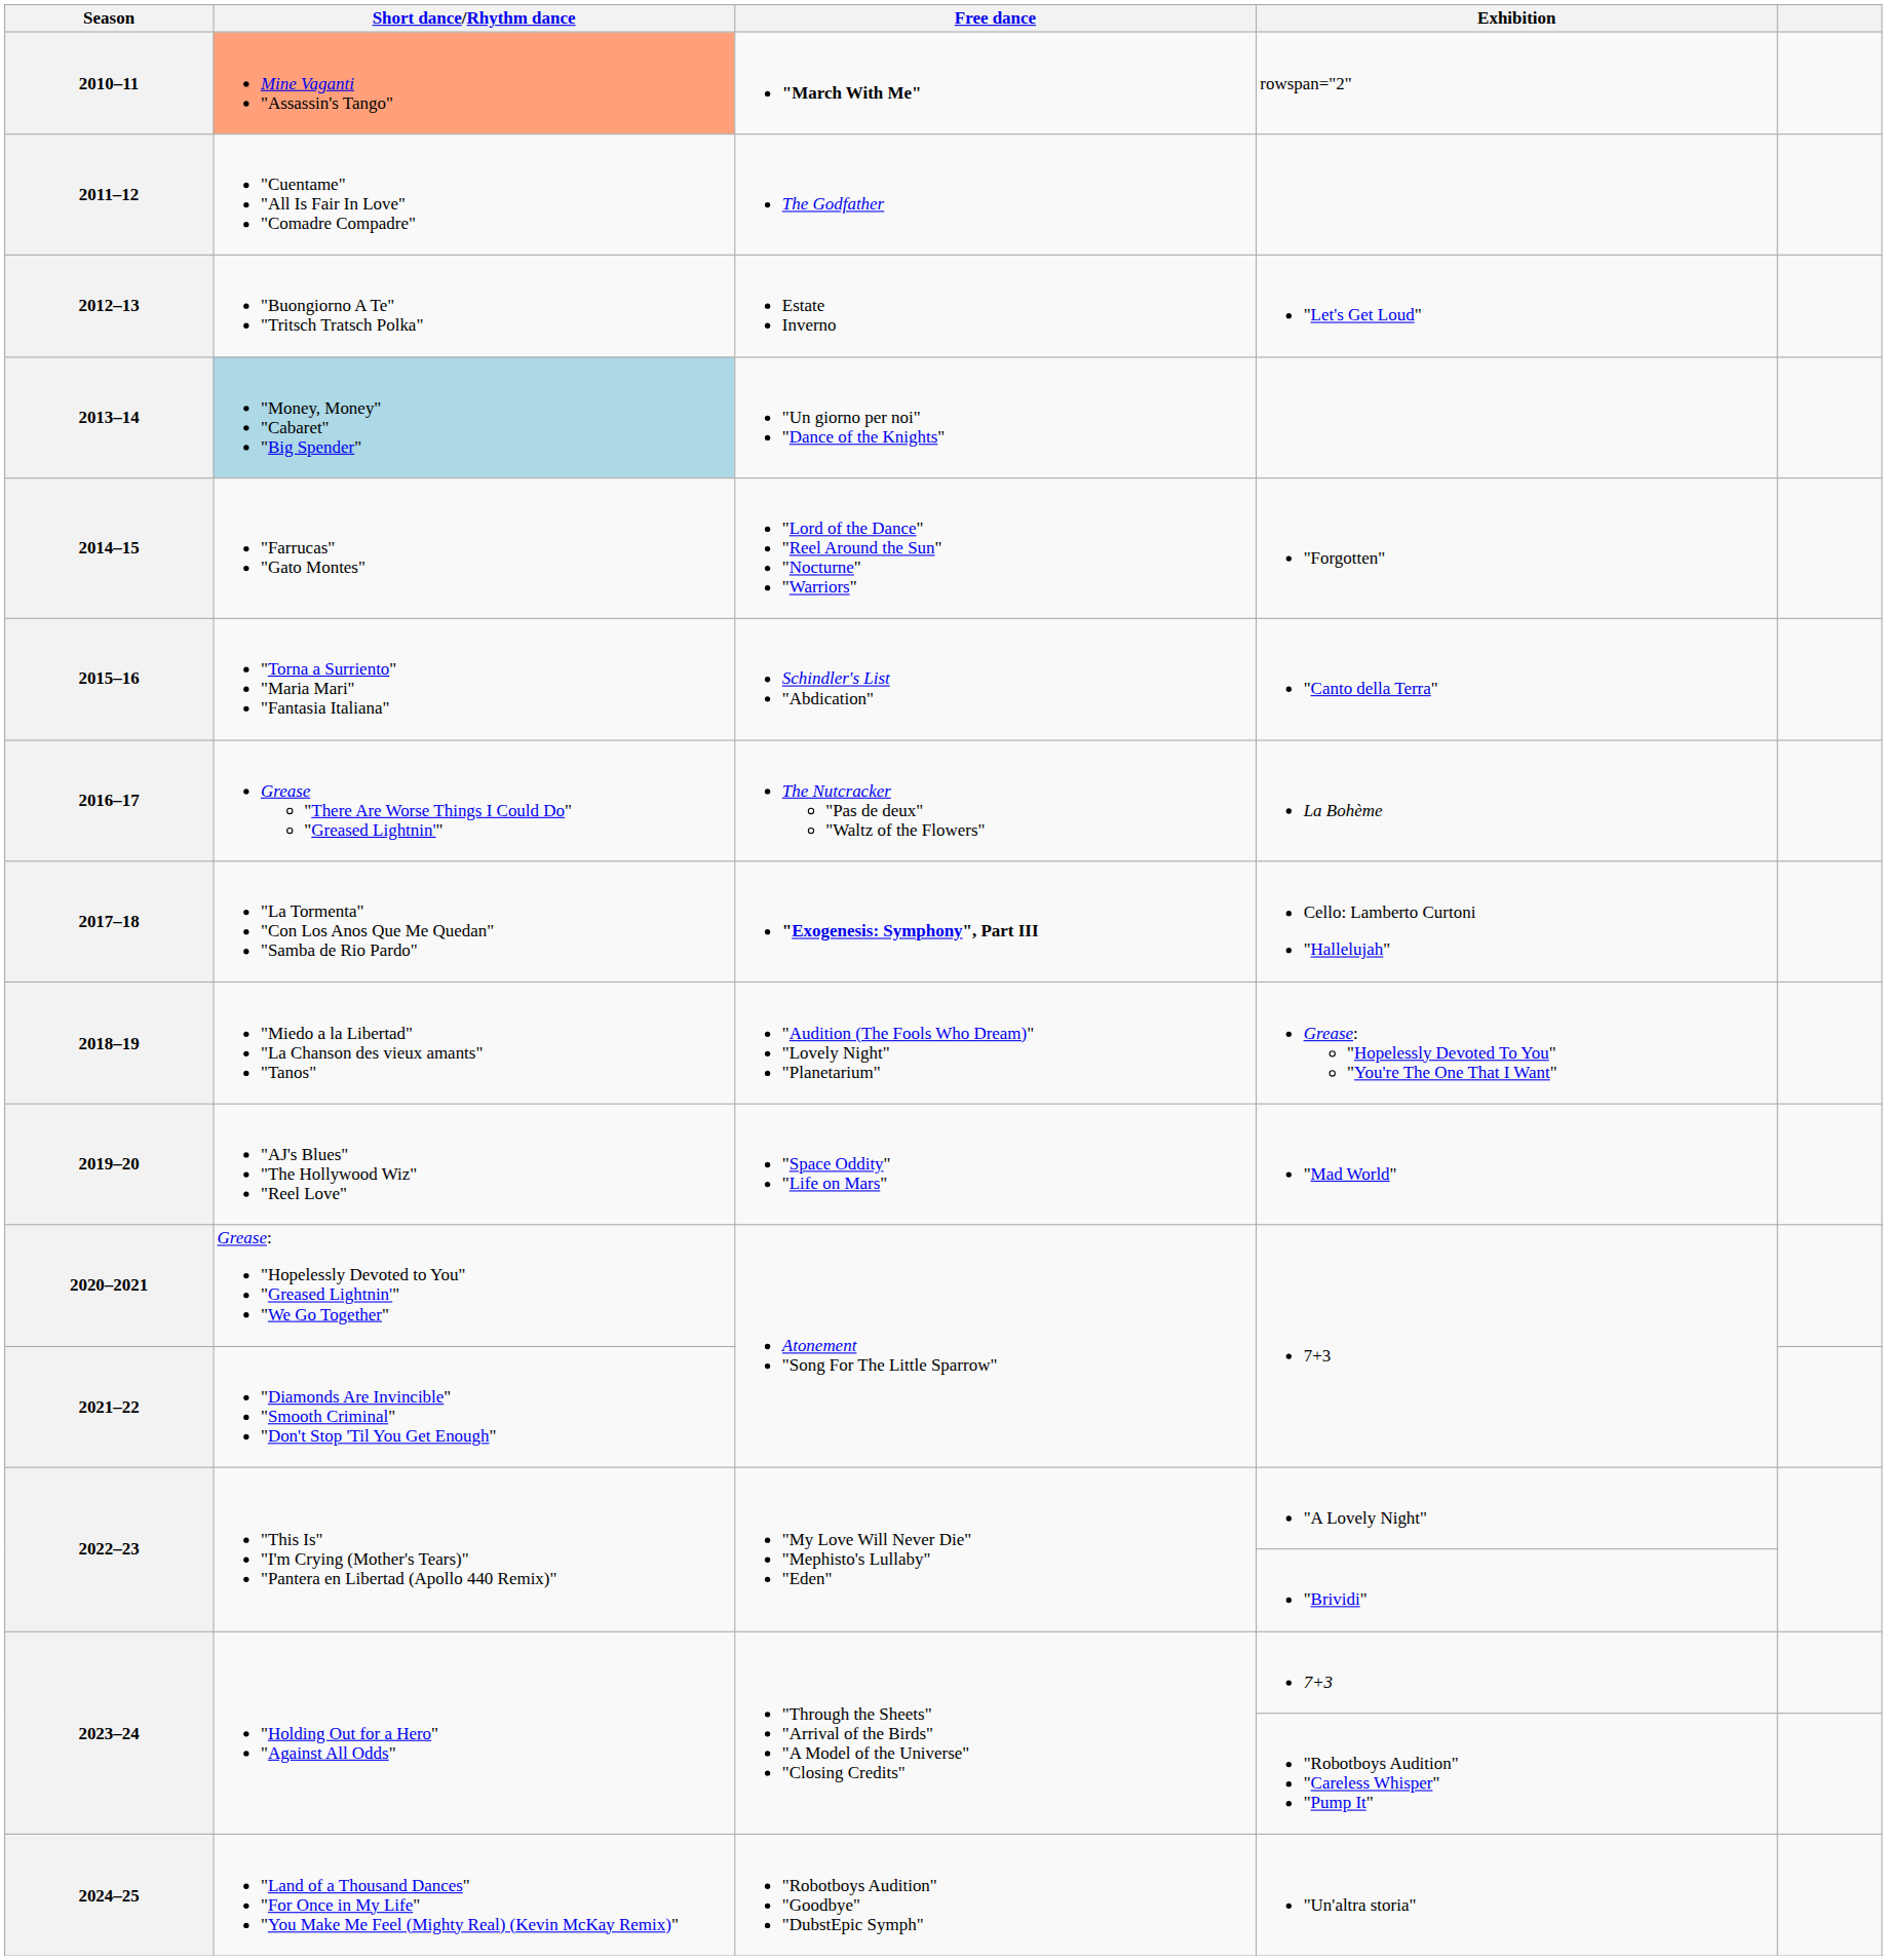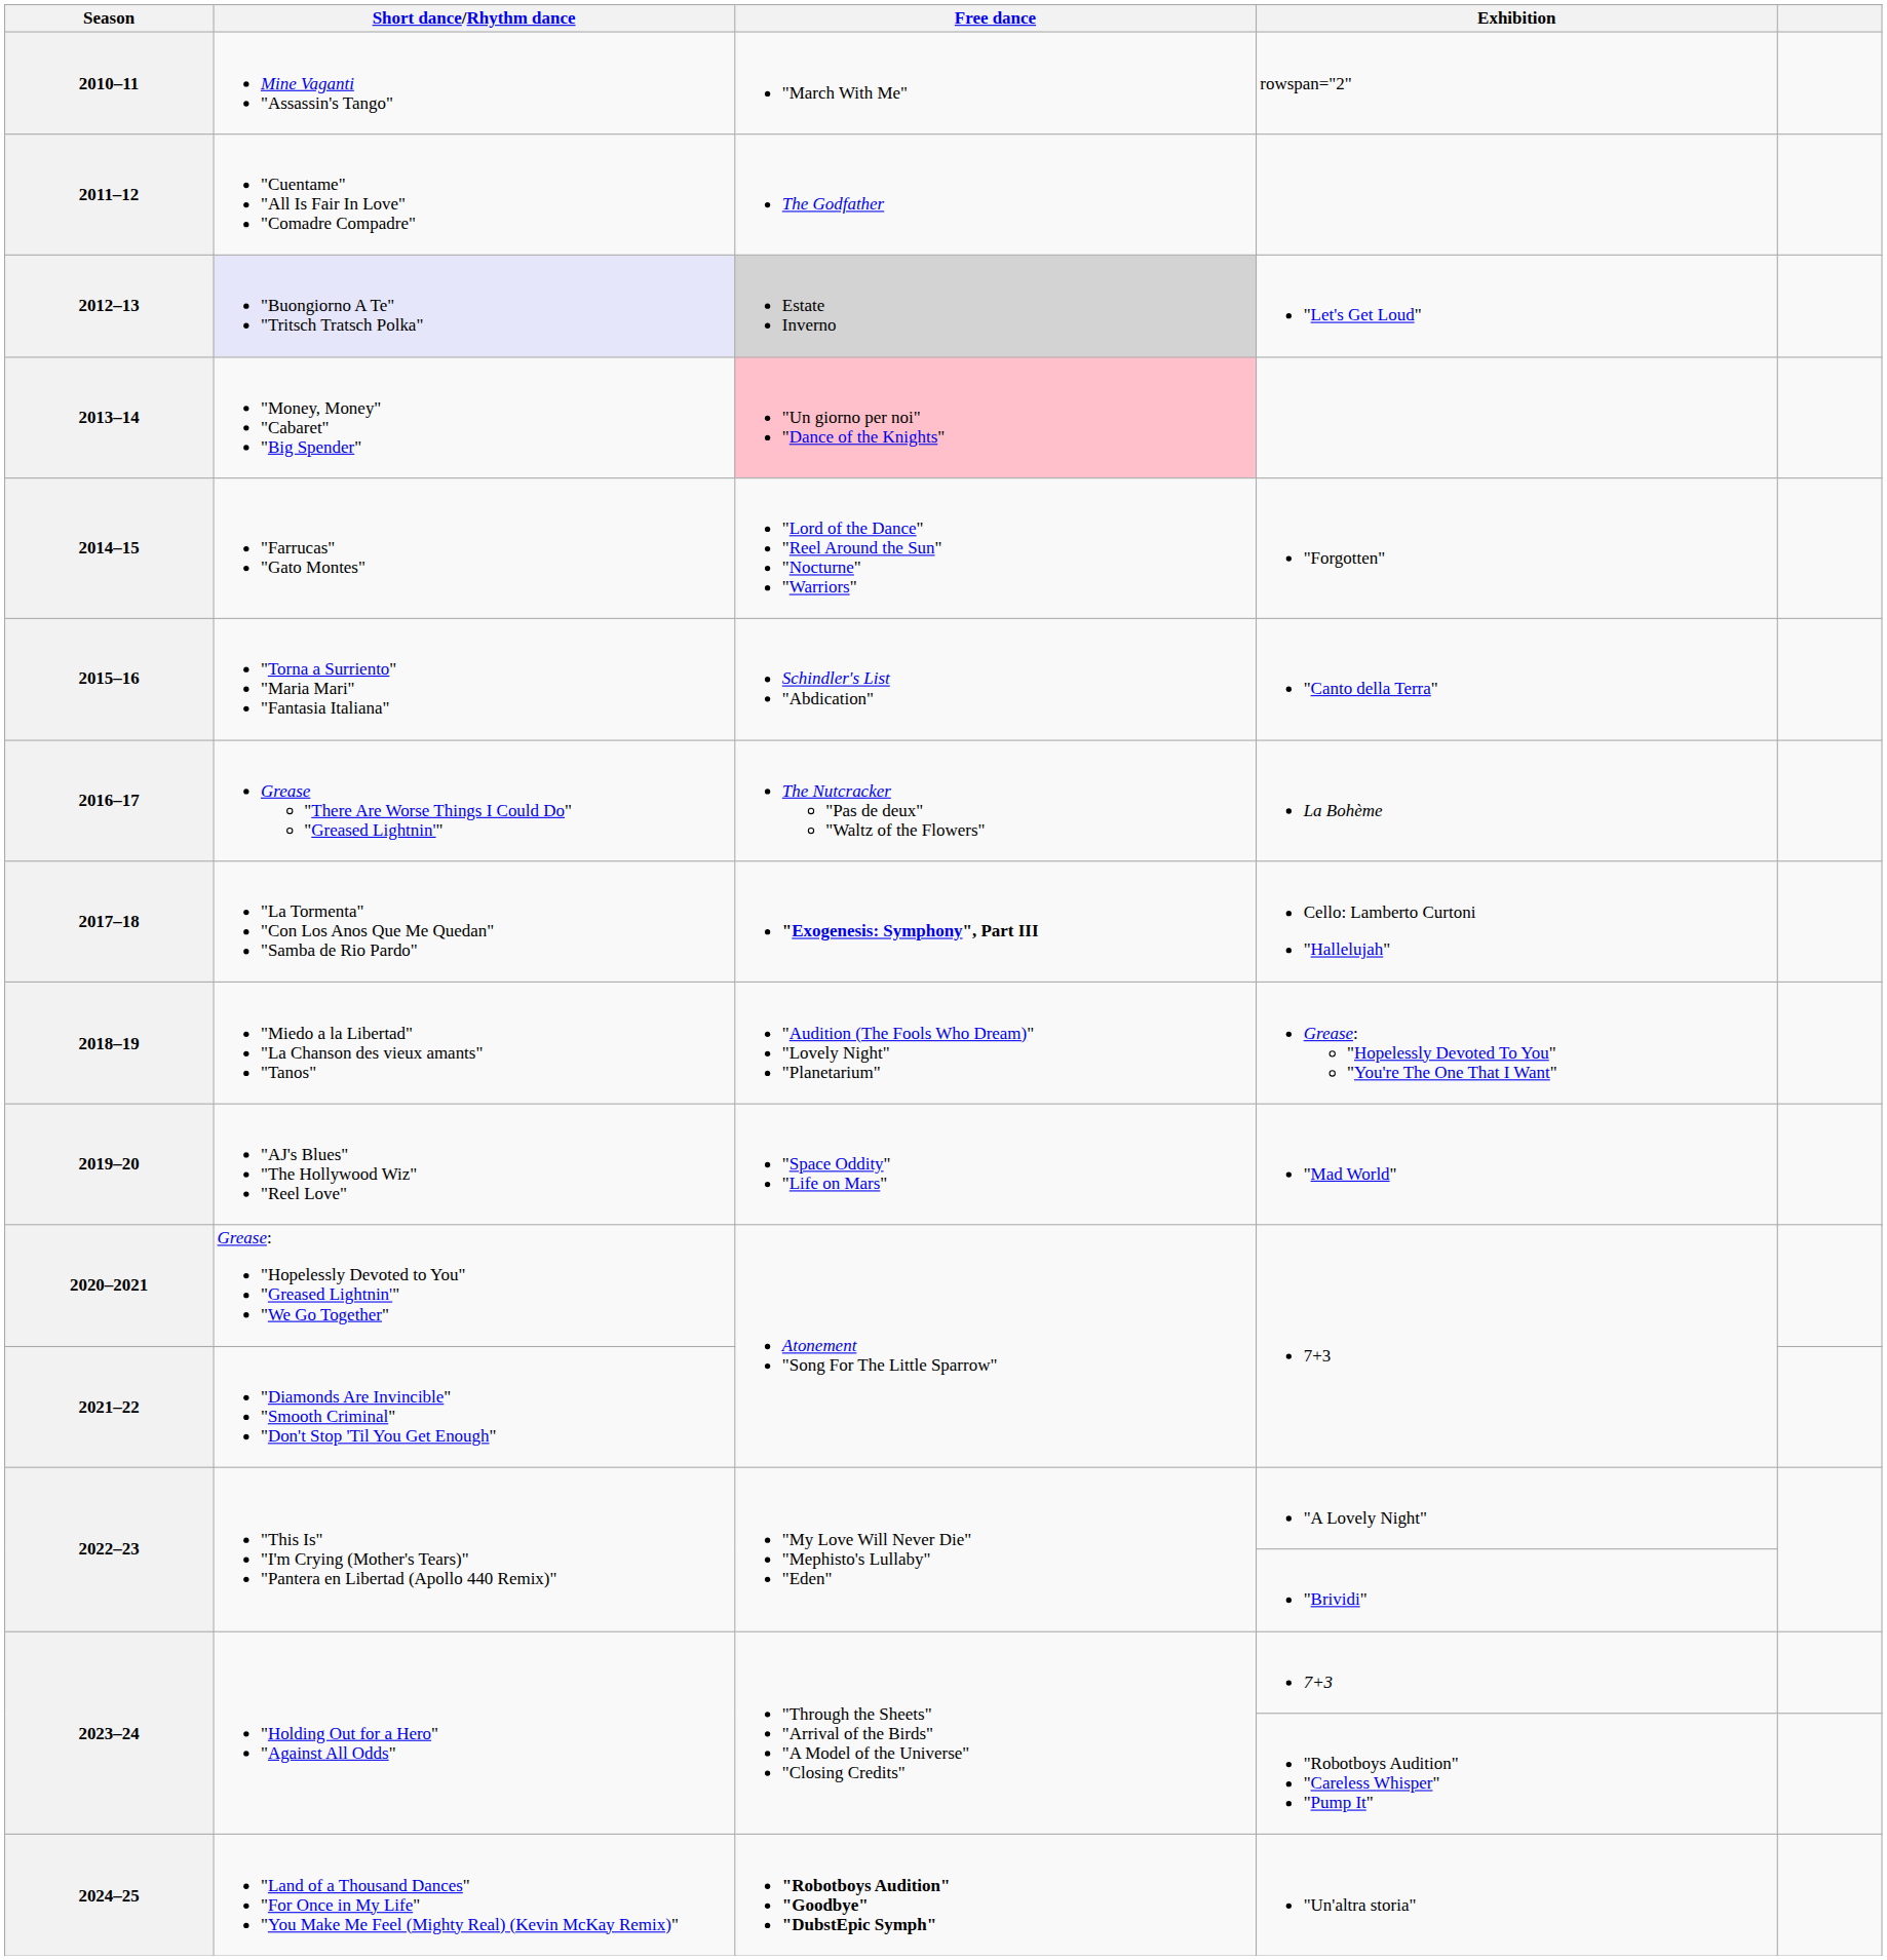 <table class="wikitable unsortable" style="text-align:left">
 <tr>
 <th scope="col" style="text-align:center; width:10%">Season</th>
 <th scope="col" style="text-align:center; width:25%"><a href='#'>Short dance</a>/<a href='#'>Rhythm dance</a></th>
 <th scope="col" style="text-align:center; width:25%"><a href='#'>Free dance</a></th>
 <th scope="col" style="text-align:center; width:25%">Exhibition</th>
 <th scope="col" style="text-align:center; width:5%"></th>
 </tr>
 <tr>
 <th scope="row">2010–11</th>
-<td style="background: lightsalmon;"><br><ul><li><em><a href='#'>Mine Vaganti</a></em></li><li>"Assassin's Tango"<br></li></ul></td>
-<td><strong><br><ul><li>"March With Me"<br></li></ul></strong></td>
+<td><br><ul><li><em><a href='#'>Mine Vaganti</a></em></li><li>"Assassin's Tango"<br></li></ul></td>
+<td><br><ul><li>"March With Me"<br></li></ul></td>
 <td>rowspan="2" </td>
 <td></td>
 </tr>
 <tr>
 <th scope="row">2011–12</th>
 <td><br><ul><li><strong></strong> "Cuentame"<br></li><li><strong></strong> "All Is Fair In Love"<br></li><li><strong></strong> "Comadre Compadre"<br></li></ul></td>
 <td><br><ul><li><em><a href='#'>The Godfather</a></em><br></li></ul></td>
 <td></td>
 </tr>
 <tr>
 <th scope="row">2012–13</th>
-<td><br><ul><li><strong></strong> "Buongiorno A Te"<br></li><li><strong></strong> "Tritsch Tratsch Polka"<br></li></ul></td>
-<td><br><ul><li>Estate</li><li>Inverno<br></li></ul></td>
+<td style="background: lavender;"><br><ul><li><strong></strong> "Buongiorno A Te"<br></li><li><strong></strong> "Tritsch Tratsch Polka"<br></li></ul></td>
+<td style="background: lightgrey;"><br><ul><li>Estate</li><li>Inverno<br></li></ul></td>
 <td><br><ul><li>"<a href='#'>Let's Get Loud</a>"<br></li></ul></td>
 <td></td>
 </tr>
 <tr>
 <th scope="row">2013–14</th>
-<td style="background: lightblue;"><br><ul><li><strong></strong> "Money, Money"<br></li><li><strong></strong> "Cabaret"<br></li><li><strong></strong> "<a href='#'>Big Spender</a>"<br></li></ul></td>
-<td><br><ul><li>"Un giorno per noi"<br></li><li>"<a href='#'>Dance of the Knights</a>"<br></li></ul></td>
+<td><br><ul><li><strong></strong> "Money, Money"<br></li><li><strong></strong> "Cabaret"<br></li><li><strong></strong> "<a href='#'>Big Spender</a>"<br></li></ul></td>
+<td style="background: pink;"><br><ul><li>"Un giorno per noi"<br></li><li>"<a href='#'>Dance of the Knights</a>"<br></li></ul></td>
 <td></td>
 <td></td>
 </tr>
 <tr>
 <th scope="row">2014–15</th>
 <td><br><ul><li><strong></strong> "Farrucas"<br></li><li><strong></strong> "Gato Montes"<br></li></ul></td>
 <td><br><ul><li>"<a href='#'>Lord of the Dance</a>"<br></li><li>"<a href='#'>Reel Around the Sun</a>"<br></li><li>"<a href='#'>Nocturne</a>"<br></li><li>"<a href='#'>Warriors</a>"<br></li></ul></td>
 <td><br><ul><li>"Forgotten"<br></li></ul></td>
 <td></td>
 </tr>
 <tr>
 <th scope="row">2015–16</th>
 <td><br><ul><li><strong></strong> "<a href='#'>Torna a Surriento</a>"<br></li><li><strong></strong> "Maria Mari"<br></li><li>"Fantasia Italiana"<br></li></ul></td>
 <td><br><ul><li><em><a href='#'>Schindler's List</a></em><br></li><li>"Abdication"<br></li></ul></td>
 <td><br><ul><li>"<a href='#'>Canto della Terra</a>"<br></li></ul></td>
 <td></td>
 </tr>
 <tr>
 <th scope="row">2016–17</th>
 <td><br><ul><li><em><a href='#'>Grease</a></em><ul><li><strong></strong> "<a href='#'>There Are Worse Things I Could Do</a>"</li><li><strong></strong> "<a href='#'>Greased Lightnin'</a>" <br></li></ul></li></ul></td>
 <td><br><ul><li><em><a href='#'>The Nutcracker</a></em><br><ul><li>"Pas de deux"</li><li>"Waltz of the Flowers" <br></li></ul></li></ul></td>
 <td><br><ul><li><em>La Bohème</em><br></li></ul></td>
 <td></td>
 </tr>
 <tr>
 <th scope="row">2017–18</th>
 <td><br><ul><li><strong></strong> "La Tormenta"<br></li><li><strong></strong> "Con Los Anos Que Me Quedan"<br></li><li><strong></strong> "Samba de Rio Pardo"<br></li></ul></td>
 <td><strong><br><ul><li>"<a href='#'>Exogenesis: Symphony</a>", Part III <br></li></ul></strong></td>
 <td><br><ul><li>Cello: Lamberto Curtoni</li></ul><ul><li>"<a href='#'>Hallelujah</a>"<br></li></ul></td>
 <td></td>
 </tr>
 <tr>
 <th scope="row">2018–19</th>
 <td><br><ul><li><strong></strong> "Miedo a la Libertad"<br></li><li><strong></strong> "La Chanson des vieux amants"<br></li><li><strong></strong> "Tanos"<br></li></ul></td>
 <td><br><ul><li>"<a href='#'>Audition (The Fools Who Dream)</a>"<br></li><li>"Lovely Night"</li><li>"Planetarium"<br></li></ul></td>
 <td><br><ul><li><em><a href='#'>Grease</a></em>:<ul><li>"<a href='#'>Hopelessly Devoted To You</a>"<br></li><li>"<a href='#'>You're The One That I Want</a>"<br></li></ul></li></ul></td>
 <td></td>
 </tr>
 <tr>
 <th scope="row" rowspan="2">2019–20</th>
 <td><br><ul><li><strong></strong> "AJ's Blues"<br></li><li><strong></strong> "The Hollywood Wiz"<br></li><li><strong></strong> "Reel Love"<br></li></ul></td>
 <td rowspan="2"><br><ul><li>"<a href='#'>Space Oddity</a>"<br></li><li>"<a href='#'>Life on Mars</a>"<br></li></ul></td>
 <td rowspan="2"><br><ul><li>"<a href='#'>Mad World</a>"<br></li></ul></td>
 <td rowspan="2"></td>
 </tr>
 <tr>
 <td rowspan="2"><em><a href='#'>Grease</a></em>:<br><ul><li><strong></strong> "Hopelessly Devoted to You"<br></li><li><strong></strong> "<a href='#'>Greased Lightnin'</a>"<br></li><li><strong></strong> "<a href='#'>We Go Together</a>"<br></li></ul></td>
 </tr>
 <tr>
 <th scope="row">2020–2021</th>
 <td rowspan="2"><br><ul><li><em><a href='#'>Atonement</a></em><br></li><li>"Song For The Little Sparrow"<br></li></ul></td>
 <td rowspan="2"><br><ul><li>7+3<br></li></ul></td>
 <td></td>
 </tr>
 <tr>
 <th scope="row">2021–22</th>
 <td><br><ul><li><strong></strong> "<a href='#'>Diamonds Are Invincible</a>"<br></li><li><strong></strong> "<a href='#'>Smooth Criminal</a>"<br></li><li><strong></strong> "<a href='#'>Don't Stop 'Til You Get Enough</a>"<br></li></ul></td>
 <td></td>
 </tr>
 <tr>
 <th scope="row" rowspan="2">2022–23</th>
 <td rowspan="2"><br><ul><li><strong></strong> "This Is"<br></li><li><strong></strong> "I'm Crying (Mother's Tears)"<br></li><li><strong></strong> "Pantera en Libertad (Apollo 440 Remix)"<br></li></ul></td>
 <td rowspan="2"><br><ul><li>"My Love Will Never Die"<br></li><li>"Mephisto's Lullaby"<br></li><li>"Eden"<br></li></ul></td>
 <td><br><ul><li>"A Lovely Night"<br></li></ul></td>
 <td rowspan="2"></td>
 </tr>
 <tr>
 <td><br><ul><li>"<a href='#'>Brividi</a>"<br></li></ul></td>
 </tr>
 <tr>
 <th scope="row" rowspan="2">2023–24</th>
 <td rowspan="2"><br><ul><li>"<a href='#'>Holding Out for a Hero</a>"<br></li><li>"<a href='#'>Against All Odds</a>"<br></li></ul></td>
 <td rowspan="2"><br><ul><li>"Through the Sheets"<br></li><li>"Arrival of the Birds"<br></li><li>"A Model of the Universe"<br></li><li>"Closing Credits"<br></li></ul></td>
 <td><br><ul><li><em>7+3</em></li></ul></td>
 <td></td>
 </tr>
 <tr>
 <td><br><ul><li>"Robotboys Audition"<br></li><li>"<a href='#'>Careless Whisper</a>"<br></li><li>"<a href='#'>Pump It</a>"<br></li></ul></td>
 <td></td>
 </tr>
 <tr>
 <th scope="row">2024–25</th>
 <td><br><ul><li>"<a href='#'>Land of a Thousand Dances</a>"<br> </li><li>"<a href='#'>For Once in My Life</a>"<br> </li><li>"<a href='#'>You Make Me Feel (Mighty Real) (Kevin McKay Remix)</a>"<br></li></ul></td>
-<td><br><ul><li>"Robotboys Audition"<br></li><li>"Goodbye"<br></li><li>"DubstEpic Symph"<br></li></ul></td>
+<td><strong><br><ul><li>"Robotboys Audition"<br></li><li>"Goodbye"<br></li><li>"DubstEpic Symph"<br></li></ul></strong></td>
 <td><br><ul><li>"Un'altra storia"<br></li></ul></td>
 <td></td>
 </tr>
 </table>
